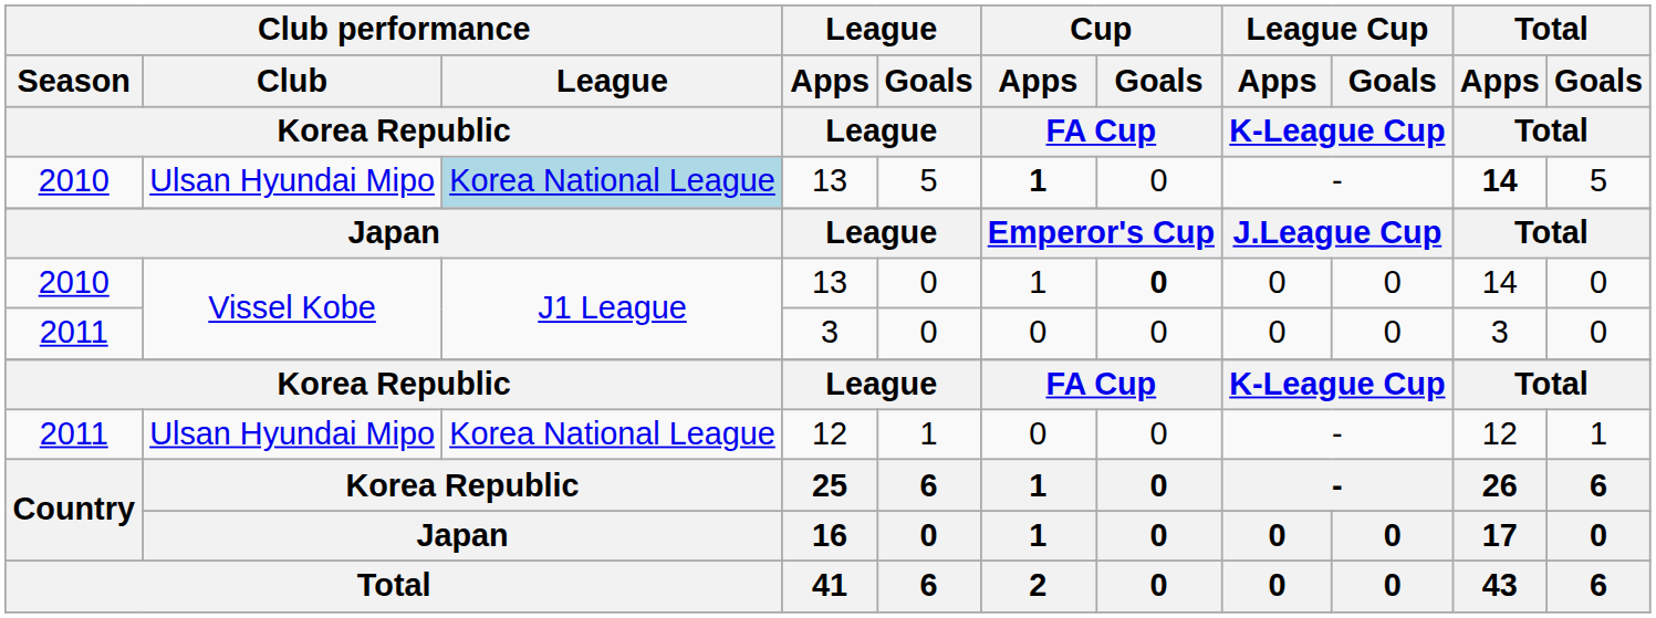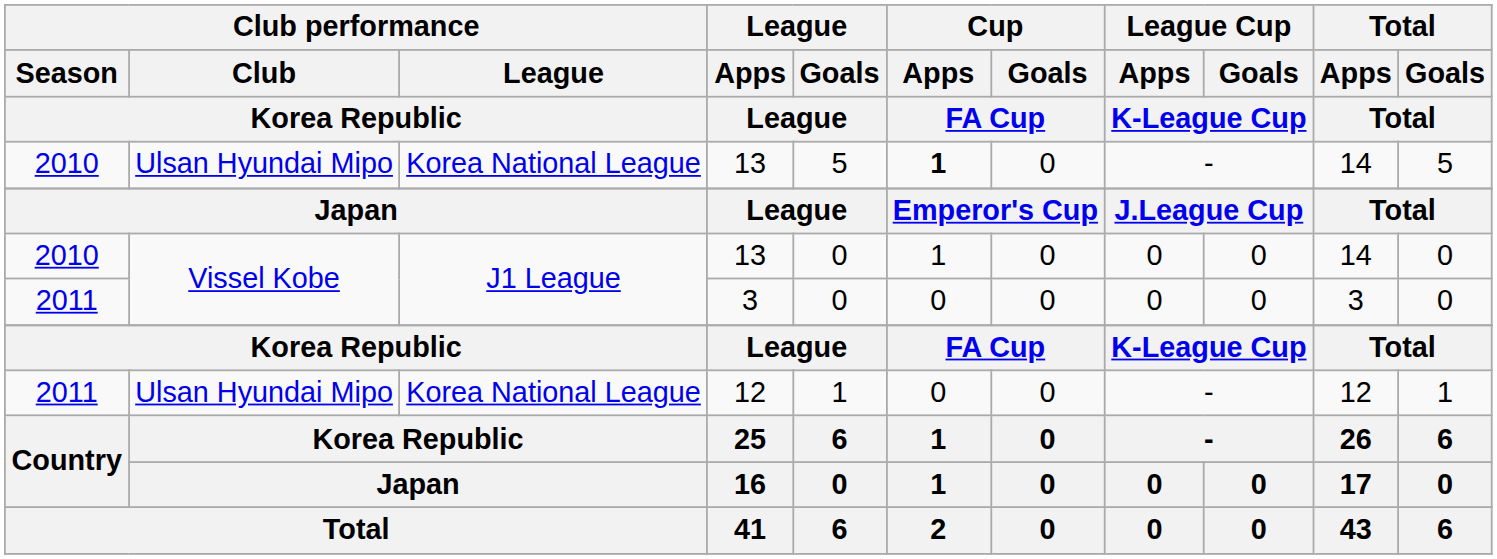 <table class="wikitable" style="text-align:center;">
 <tr>
 <th colspan=3>Club performance</th>
 <th colspan=2>League</th>
 <th colspan=2>Cup</th>
 <th colspan=2>League Cup</th>
 <th colspan=2>Total</th>
 </tr>
 <tr>
 <th>Season</th>
 <th>Club</th>
 <th>League</th>
 <th>Apps</th>
 <th>Goals</th>
 <th>Apps</th>
 <th>Goals</th>
 <th>Apps</th>
 <th>Goals</th>
 <th>Apps</th>
 <th>Goals</th>
 </tr>
 <tr>
 <th colspan=3>Korea Republic</th>
 <th colspan=2>League</th>
 <th colspan=2><a href='#'>FA Cup</a></th>
 <th colspan=2><a href='#'>K-League Cup</a></th>
 <th colspan=2>Total</th>
 </tr>
 <tr>
 <td><a href='#'>2010</a></td>
 <td><a href='#'>Ulsan Hyundai Mipo</a></td>
-<td style="background: lightblue;"><a href='#'>Korea National League</a></td>
+<td><a href='#'>Korea National League</a></td>
 <td>13</td>
 <td>5</td>
 <td><strong>1</strong></td>
 <td>0</td>
 <td colspan="2">-</td>
-<td><strong>14</strong></td>
+<td>14</td>
 <td>5</td>
 </tr>
 <tr>
 </tr>
 <tr>
 <th colspan=3>Japan</th>
 <th colspan=2>League</th>
 <th colspan=2><a href='#'>Emperor's Cup</a></th>
 <th colspan=2><a href='#'>J.League Cup</a></th>
 <th colspan=2>Total</th>
 </tr>
 <tr>
 <td><a href='#'>2010</a></td>
 <td rowspan="2"><a href='#'>Vissel Kobe</a></td>
 <td rowspan="2"><a href='#'>J1 League</a></td>
 <td>13</td>
 <td>0</td>
 <td>1</td>
-<td><strong>0</strong></td>
+<td>0</td>
 <td>0</td>
 <td>0</td>
 <td>14</td>
 <td>0</td>
 </tr>
 <tr>
 <td><a href='#'>2011</a></td>
 <td>3</td>
 <td>0</td>
 <td>0</td>
 <td>0</td>
 <td>0</td>
 <td>0</td>
 <td>3</td>
 <td>0</td>
 </tr>
 <tr>
 </tr>
 <tr>
 <th colspan=3>Korea Republic</th>
 <th colspan=2>League</th>
 <th colspan=2><a href='#'>FA Cup</a></th>
 <th colspan=2><a href='#'>K-League Cup</a></th>
 <th colspan=2>Total</th>
 </tr>
 <tr>
 <td><a href='#'>2011</a></td>
 <td><a href='#'>Ulsan Hyundai Mipo</a></td>
 <td><a href='#'>Korea National League</a></td>
 <td>12</td>
 <td>1</td>
 <td>0</td>
 <td>0</td>
 <td colspan="2">-</td>
 <td>12</td>
 <td>1</td>
 </tr>
 <tr>
 <th rowspan=2>Country</th>
 <th colspan=2>Korea Republic</th>
 <th>25</th>
 <th>6</th>
 <th>1</th>
 <th>0</th>
 <th colspan="2">-</th>
 <th>26</th>
 <th>6</th>
 </tr>
 <tr>
 <th colspan=2>Japan</th>
 <th>16</th>
 <th>0</th>
 <th>1</th>
 <th>0</th>
 <th>0</th>
 <th>0</th>
 <th>17</th>
 <th>0</th>
 </tr>
 <tr>
 <th colspan=3>Total</th>
 <th>41</th>
 <th>6</th>
 <th>2</th>
 <th>0</th>
 <th>0</th>
 <th>0</th>
 <th>43</th>
 <th>6</th>
 </tr>
 </table>
